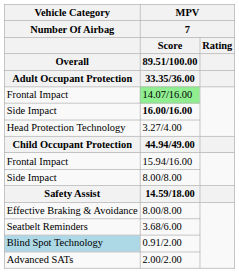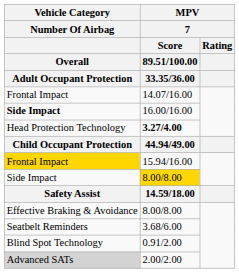 <table class="wikitable">
 <tr>
 <th>Vehicle Category</th>
 <th colspan="2">MPV</th>
 </tr>
 <tr>
 <th>Number Of Airbag</th>
 <th colspan="2">7</th>
 </tr>
 <tr>
 <th></th>
 <th>Score</th>
 <th>Rating</th>
 </tr>
 <tr>
 <th>Overall</th>
 <th>89.51/100.00</th>
 <th></th>
 </tr>
 <tr>
 <th>Adult Occupant Protection</th>
 <th>33.35/36.00</th>
 <th></th>
 </tr>
 <tr>
 <td>Frontal Impact</td>
-<td style="background: lightgreen;">14.07/16.00</td>
+<td>14.07/16.00</td>
 <td rowspan="3"></td>
 </tr>
 <tr>
-<td>Side Impact</td>
-<td><strong>16.00/16.00</strong></td>
+<td><strong>Side Impact</strong></td>
+<td>16.00/16.00</td>
 </tr>
 <tr>
 <td>Head Protection Technology</td>
-<td>3.27/4.00</td>
+<td><strong>3.27/4.00</strong></td>
 </tr>
 <tr>
 <th>Child Occupant Protection</th>
 <th>44.94/49.00</th>
 <th></th>
 </tr>
 <tr>
-<td>Frontal Impact</td>
+<td style="background: gold;">Frontal Impact</td>
 <td>15.94/16.00</td>
 <td rowspan="2"></td>
 </tr>
 <tr>
 <td>Side Impact</td>
-<td>8.00/8.00</td>
+<td style="background: gold;">8.00/8.00</td>
 </tr>
 <tr>
 <th>Safety Assist</th>
 <th>14.59/18.00</th>
 <th></th>
 </tr>
 <tr>
 <td>Effective Braking & Avoidance</td>
 <td>8.00/8.00</td>
 <td rowspan="4"></td>
 </tr>
 <tr>
 <td>Seatbelt Reminders</td>
 <td>3.68/6.00</td>
 </tr>
 <tr>
-<td style="background: lightblue;">Blind Spot Technology</td>
+<td>Blind Spot Technology</td>
 <td>0.91/2.00</td>
 </tr>
 <tr>
-<td>Advanced SATs</td>
+<td style="background: lightgrey;">Advanced SATs</td>
 <td>2.00/2.00</td>
 </tr>
 </table>
